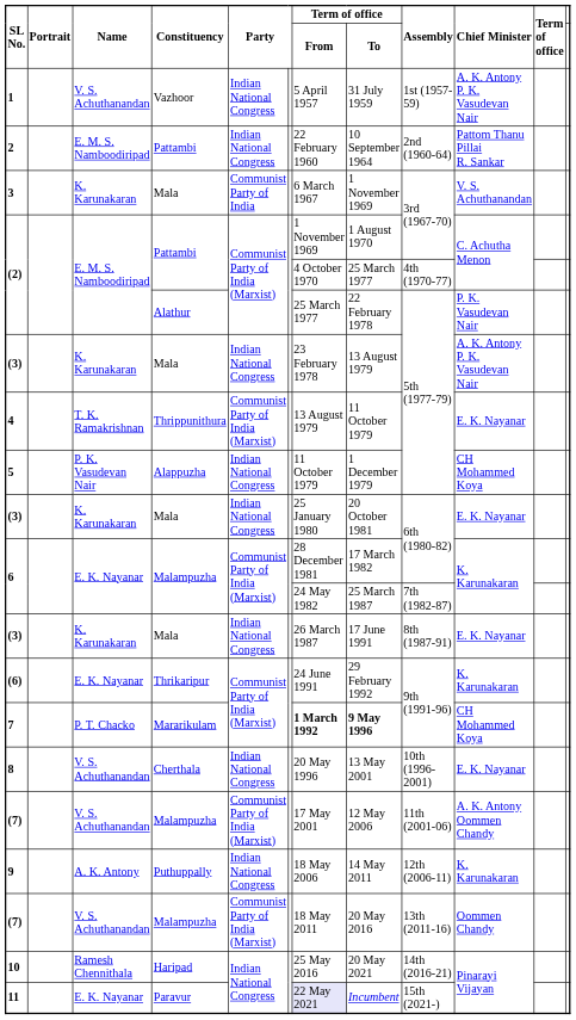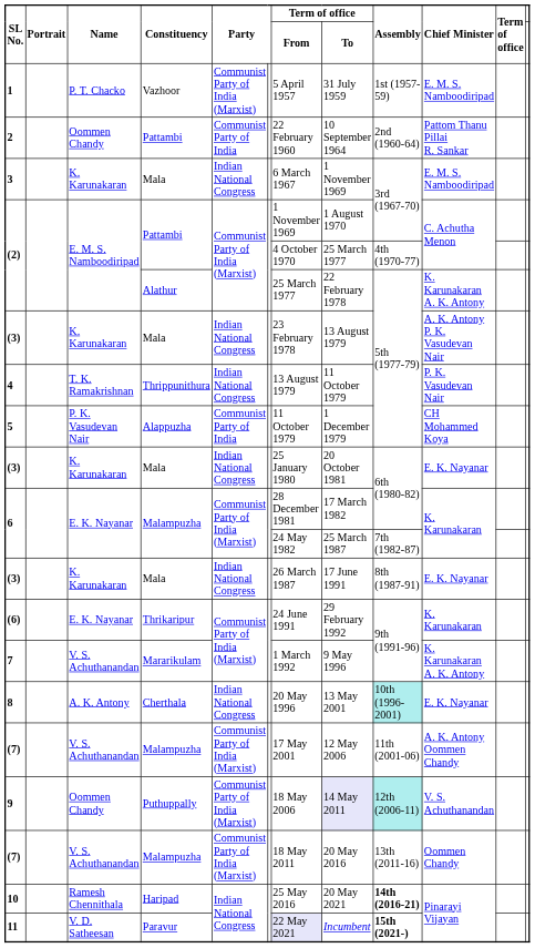 <table class="sortable" width="50%" cellpadding="2" cellspacing="0" border="1" style="border-collapse: collapse; border: 2px #000000 solid; font-size: x-big; ">
 <tr>
 <th rowspan=2>SL No.</th>
 <th rowspan="2">Portrait</th>
 <th rowspan="2">Name</th>
 <th rowspan="2">Constituency</th>
 <th rowspan=2 colspan=2>Party</th>
 <th colspan=2>Term of office</th>
 <th rowspan="2">Assembly</th>
 <td rowspan="2"><strong>Chief Minister</strong></td>
 <td rowspan="2"><strong>Term of office</strong></td>
 <td></td>
 </tr>
 <tr style="height: 60px;">
 <th style=>From</th>
 <th style=>To</th>
 <th></th>
 </tr>
 <tr>
 <td><strong>1</strong></td>
 <td></td>
-<td><a href='#'>V. S. Achuthanandan</a></td>
+<td><a href='#'>P. T. Chacko</a></td>
 <td>Vazhoor</td>
-<td><a href='#'>Indian National Congress</a></td>
+<td><a href='#'>Communist Party of India (Marxist)</a></td>
 <td width="4px" style="background-color: "></td>
 <td>5 April 1957</td>
 <td>31 July 1959</td>
 <td>1st (1957-59)</td>
-<td><a href='#'>A. K. Antony</a><br><a href='#'>P. K. Vasudevan Nair</a></td>
+<td><a href='#'>E. M. S. Namboodiripad</a></td>
 <td></td>
 <td></td>
 </tr>
 <tr>
 <td><strong>2</strong></td>
 <td></td>
-<td><a href='#'>E. M. S. Namboodiripad</a></td>
+<td><a href='#'>Oommen Chandy</a></td>
 <td><a href='#'>Pattambi</a></td>
-<td><a href='#'>Indian National Congress</a></td>
+<td><a href='#'>Communist Party of India</a></td>
 <td width="4px" style="background-color: "></td>
 <td>22 February 1960</td>
 <td>10 September 1964</td>
 <td>2nd (1960-64)</td>
 <td><a href='#'>Pattom Thanu Pillai</a><br><a href='#'>R. Sankar</a></td>
 <td></td>
 <td></td>
 </tr>
 <tr>
 <td><strong>3</strong></td>
 <td></td>
 <td><a href='#'>K. Karunakaran</a></td>
 <td>Mala</td>
-<td><a href='#'>Communist Party of India</a></td>
+<td><a href='#'>Indian National Congress</a></td>
 <td width="4px" style="background-color: "></td>
 <td>6 March 1967</td>
 <td>1 November 1969</td>
 <td rowspan="2">3rd (1967-70)</td>
-<td><a href='#'>V. S. Achuthanandan</a></td>
+<td><a href='#'>E. M. S. Namboodiripad</a></td>
 <td></td>
 <td></td>
 </tr>
 <tr>
 <td rowspan="3"><strong>(2)</strong></td>
 <td rowspan="3"></td>
 <td rowspan="3"><a href='#'>E. M. S. Namboodiripad</a></td>
 <td rowspan="2"><a href='#'>Pattambi</a></td>
 <td rowspan="3"><a href='#'>Communist Party of India (Marxist)</a></td>
 <td rowspan="3" width="4px" style="background-color: "></td>
 <td>1 November 1969</td>
 <td>1 August 1970</td>
 <td rowspan="2"><a href='#'>C. Achutha Menon</a></td>
 <td></td>
 <td></td>
 </tr>
 <tr>
 <td>4 October 1970</td>
 <td>25 March 1977</td>
 <td>4th (1970-77)</td>
 <td></td>
 <td></td>
 </tr>
 <tr>
 <td><a href='#'>Alathur</a></td>
 <td>25 March 1977</td>
 <td>22 February 1978</td>
 <td rowspan="4">5th (1977-79)</td>
-<td><a href='#'>P. K. Vasudevan Nair</a></td>
+<td><a href='#'>K. Karunakaran</a><br><a href='#'>A. K. Antony</a></td>
 <td></td>
 <td></td>
 </tr>
 <tr>
 <td><strong>(3)</strong></td>
 <td></td>
 <td><a href='#'>K. Karunakaran</a></td>
 <td>Mala</td>
 <td><a href='#'>Indian National Congress</a></td>
 <td width="4px" style="background-color: "></td>
 <td>23 February 1978</td>
 <td>13 August 1979</td>
 <td><a href='#'>A. K. Antony</a><br><a href='#'>P. K. Vasudevan Nair</a></td>
 <td></td>
 <td></td>
 </tr>
 <tr>
 <td><strong>4</strong></td>
 <td></td>
 <td><a href='#'>T. K. Ramakrishnan</a></td>
 <td><a href='#'>Thrippunithura</a></td>
-<td><a href='#'>Communist Party of India (Marxist)</a></td>
+<td><a href='#'>Indian National Congress</a></td>
 <td width="4px" style="background-color: "></td>
 <td>13 August 1979</td>
 <td>11 October 1979</td>
-<td><a href='#'>E. K. Nayanar</a></td>
+<td><a href='#'>P. K. Vasudevan Nair</a></td>
 <td></td>
 <td></td>
 </tr>
 <tr>
 <td><strong>5</strong></td>
 <td></td>
 <td><a href='#'>P. K. Vasudevan Nair</a></td>
 <td><a href='#'>Alappuzha</a></td>
-<td><a href='#'>Indian National Congress</a></td>
+<td><a href='#'>Communist Party of India</a></td>
 <td width="4px" style="background-color: "></td>
 <td>11 October 1979</td>
 <td>1 December 1979</td>
 <td><a href='#'>CH Mohammed Koya</a></td>
 <td></td>
 <td></td>
 </tr>
 <tr>
 <td><strong>(3)</strong></td>
 <td></td>
 <td><a href='#'>K. Karunakaran</a></td>
 <td>Mala</td>
 <td><a href='#'>Indian National Congress</a></td>
 <td width="4px" style="background-color: "></td>
 <td>25 January 1980</td>
 <td>20 October 1981</td>
 <td rowspan="2">6th (1980-82)</td>
 <td><a href='#'>E. K. Nayanar</a></td>
 <td></td>
 <td></td>
 </tr>
 <tr>
 <td rowspan="2"><strong>6</strong></td>
 <td rowspan="2"></td>
 <td rowspan="2"><a href='#'>E. K. Nayanar</a></td>
 <td rowspan="2"><a href='#'>Malampuzha</a></td>
 <td rowspan="2"><a href='#'>Communist Party of India (Marxist)</a></td>
 <td rowspan="2" width="4px" style="background-color: "></td>
 <td>28 December 1981</td>
 <td>17 March 1982</td>
 <td rowspan="2"><a href='#'>K. Karunakaran</a></td>
 <td></td>
 <td></td>
 </tr>
 <tr>
 <td>24 May 1982</td>
 <td>25 March 1987</td>
 <td>7th (1982-87)</td>
 <td></td>
 <td></td>
 </tr>
 <tr>
 <td><strong>(3)</strong></td>
 <td></td>
 <td><a href='#'>K. Karunakaran</a></td>
 <td>Mala</td>
 <td><a href='#'>Indian National Congress</a></td>
 <td width="4px" style="background-color: "></td>
 <td>26 March 1987</td>
 <td>17 June 1991</td>
 <td>8th (1987-91)</td>
 <td><a href='#'>E. K. Nayanar</a></td>
 <td></td>
 <td></td>
 </tr>
 <tr>
 <td><strong>(6)</strong></td>
 <td></td>
 <td><a href='#'>E. K. Nayanar</a></td>
 <td><a href='#'>Thrikaripur</a></td>
 <td rowspan="2"><a href='#'>Communist Party of India (Marxist)</a></td>
 <td rowspan="2" width="4px" style="background-color: "></td>
 <td>24 June 1991</td>
 <td>29 February 1992</td>
 <td rowspan="2">9th (1991-96)</td>
 <td><a href='#'>K. Karunakaran</a></td>
 <td></td>
 <td></td>
 </tr>
 <tr>
 <td><strong>7</strong></td>
 <td></td>
-<td><a href='#'>P. T. Chacko</a></td>
+<td><a href='#'>V. S. Achuthanandan</a></td>
 <td><a href='#'>Mararikulam</a></td>
-<td><strong>1 March 1992</strong></td>
-<td><strong>9 May 1996</strong></td>
-<td><a href='#'>CH Mohammed Koya</a></td>
+<td>1 March 1992</td>
+<td>9 May 1996</td>
+<td><a href='#'>K. Karunakaran</a><br><a href='#'>A. K. Antony</a></td>
 <td></td>
 <td></td>
 </tr>
 <tr>
 <td><strong>8</strong></td>
 <td></td>
-<td><a href='#'>V. S. Achuthanandan</a></td>
+<td><a href='#'>A. K. Antony</a></td>
 <td><a href='#'>Cherthala</a></td>
 <td><a href='#'>Indian National Congress</a></td>
 <td width="4px" style="background-color: "></td>
 <td>20 May 1996</td>
 <td>13 May 2001</td>
-<td>10th (1996-2001)</td>
+<td style="background: paleturquoise;">10th (1996-2001)</td>
 <td><a href='#'>E. K. Nayanar</a></td>
 <td></td>
 <td></td>
 </tr>
 <tr>
 <td><strong>(7)</strong></td>
 <td></td>
 <td><a href='#'>V. S. Achuthanandan</a></td>
 <td><a href='#'>Malampuzha</a></td>
 <td><a href='#'>Communist Party of India (Marxist)</a></td>
 <td width="4px" style="background-color: "></td>
 <td>17 May 2001</td>
 <td>12 May 2006</td>
 <td>11th (2001-06)</td>
 <td><a href='#'>A. K. Antony</a><br><a href='#'>Oommen Chandy</a></td>
 <td></td>
 <td></td>
 </tr>
 <tr>
 <td><strong>9</strong></td>
 <td></td>
-<td><a href='#'>A. K. Antony</a></td>
+<td><a href='#'>Oommen Chandy</a></td>
 <td><a href='#'>Puthuppally</a></td>
-<td><a href='#'>Indian National Congress</a></td>
+<td><a href='#'>Communist Party of India (Marxist)</a></td>
 <td width="4px" style="background-color: "></td>
 <td>18 May 2006</td>
-<td>14 May 2011</td>
-<td>12th (2006-11)</td>
-<td><a href='#'>K. Karunakaran</a></td>
+<td style="background: lavender;">14 May 2011</td>
+<td style="background: paleturquoise;">12th (2006-11)</td>
+<td><a href='#'>V. S. Achuthanandan</a></td>
 <td></td>
 <td></td>
 </tr>
 <tr>
 <td><strong>(7)</strong></td>
 <td></td>
 <td><a href='#'>V. S. Achuthanandan</a></td>
 <td><a href='#'>Malampuzha</a></td>
 <td><a href='#'>Communist Party of India (Marxist)</a></td>
 <td width="4px" style="background-color: "></td>
 <td>18 May 2011</td>
 <td>20 May 2016</td>
 <td>13th (2011-16)</td>
 <td><a href='#'>Oommen Chandy</a></td>
 <td></td>
 <td></td>
 </tr>
 <tr>
 <td><strong>10</strong></td>
 <td></td>
 <td><a href='#'>Ramesh Chennithala</a></td>
 <td><a href='#'>Haripad</a></td>
 <td rowspan="2"><a href='#'>Indian National Congress</a></td>
 <td rowspan="2" width="4px" style="background-color: "></td>
 <td>25 May 2016</td>
 <td>20 May 2021</td>
-<td>14th (2016-21)</td>
+<td><strong>14th (2016-21)</strong></td>
 <td rowspan="2"><a href='#'>Pinarayi Vijayan</a></td>
 <td></td>
 <td></td>
 </tr>
 <tr>
 <td><strong>11</strong></td>
 <td></td>
-<td><a href='#'>E. K. Nayanar</a></td>
+<td><a href='#'>V. D. Satheesan</a></td>
 <td><a href='#'>Paravur</a></td>
 <td style="background: lavender;">22 May 2021</td>
 <td><em><a href='#'>Incumbent</a></em></td>
-<td>15th (2021-)</td>
+<td><strong>15th (2021-)</strong></td>
 <td> </td>
 <td></td>
 </tr>
 </table>
